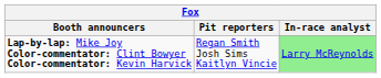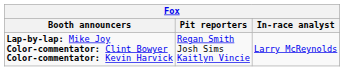 <table class="wikitable" style="font-size: 95%">
 <tr>
 <th colspan="3"><a href='#'>Fox</a></th>
 </tr>
 <tr>
 <th>Booth announcers</th>
 <th>Pit reporters</th>
 <th>In-race analyst</th>
 </tr>
 <tr>
 <td><strong>Lap-by-lap:</strong> <a href='#'>Mike Joy</a><br><strong>Color-commentator:</strong> <a href='#'>Clint Bowyer</a><br><strong>Color-commentator:</strong> <a href='#'>Kevin Harvick</a></td>
 <td><a href='#'>Regan Smith</a><br>Josh Sims<br><a href='#'>Kaitlyn Vincie</a></td>
-<td style="background: lightgreen;"><a href='#'>Larry McReynolds</a></td>
+<td><a href='#'>Larry McReynolds</a></td>
 </tr>
 </table>
